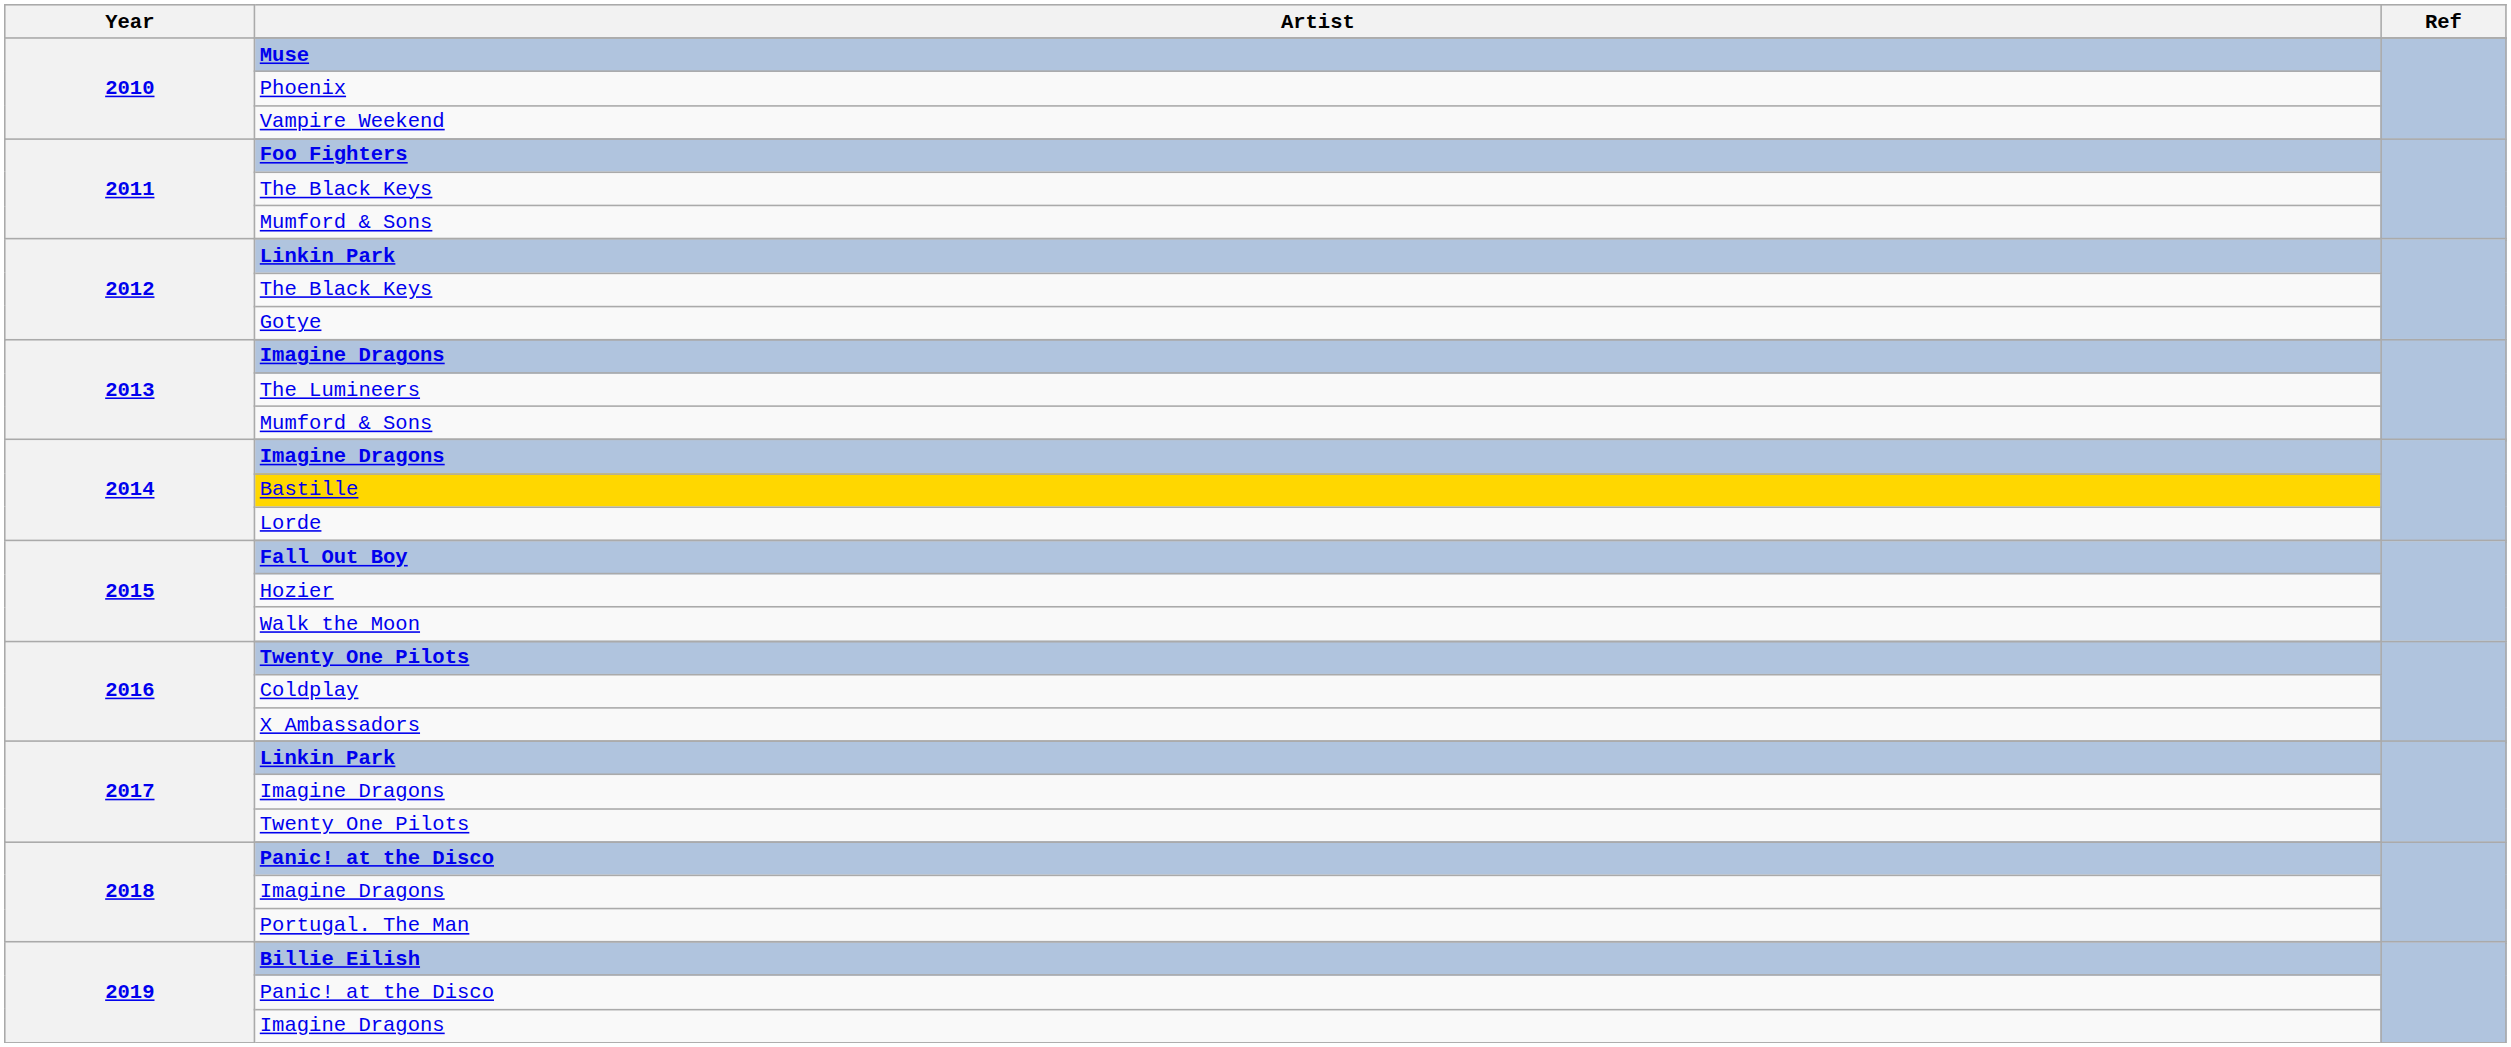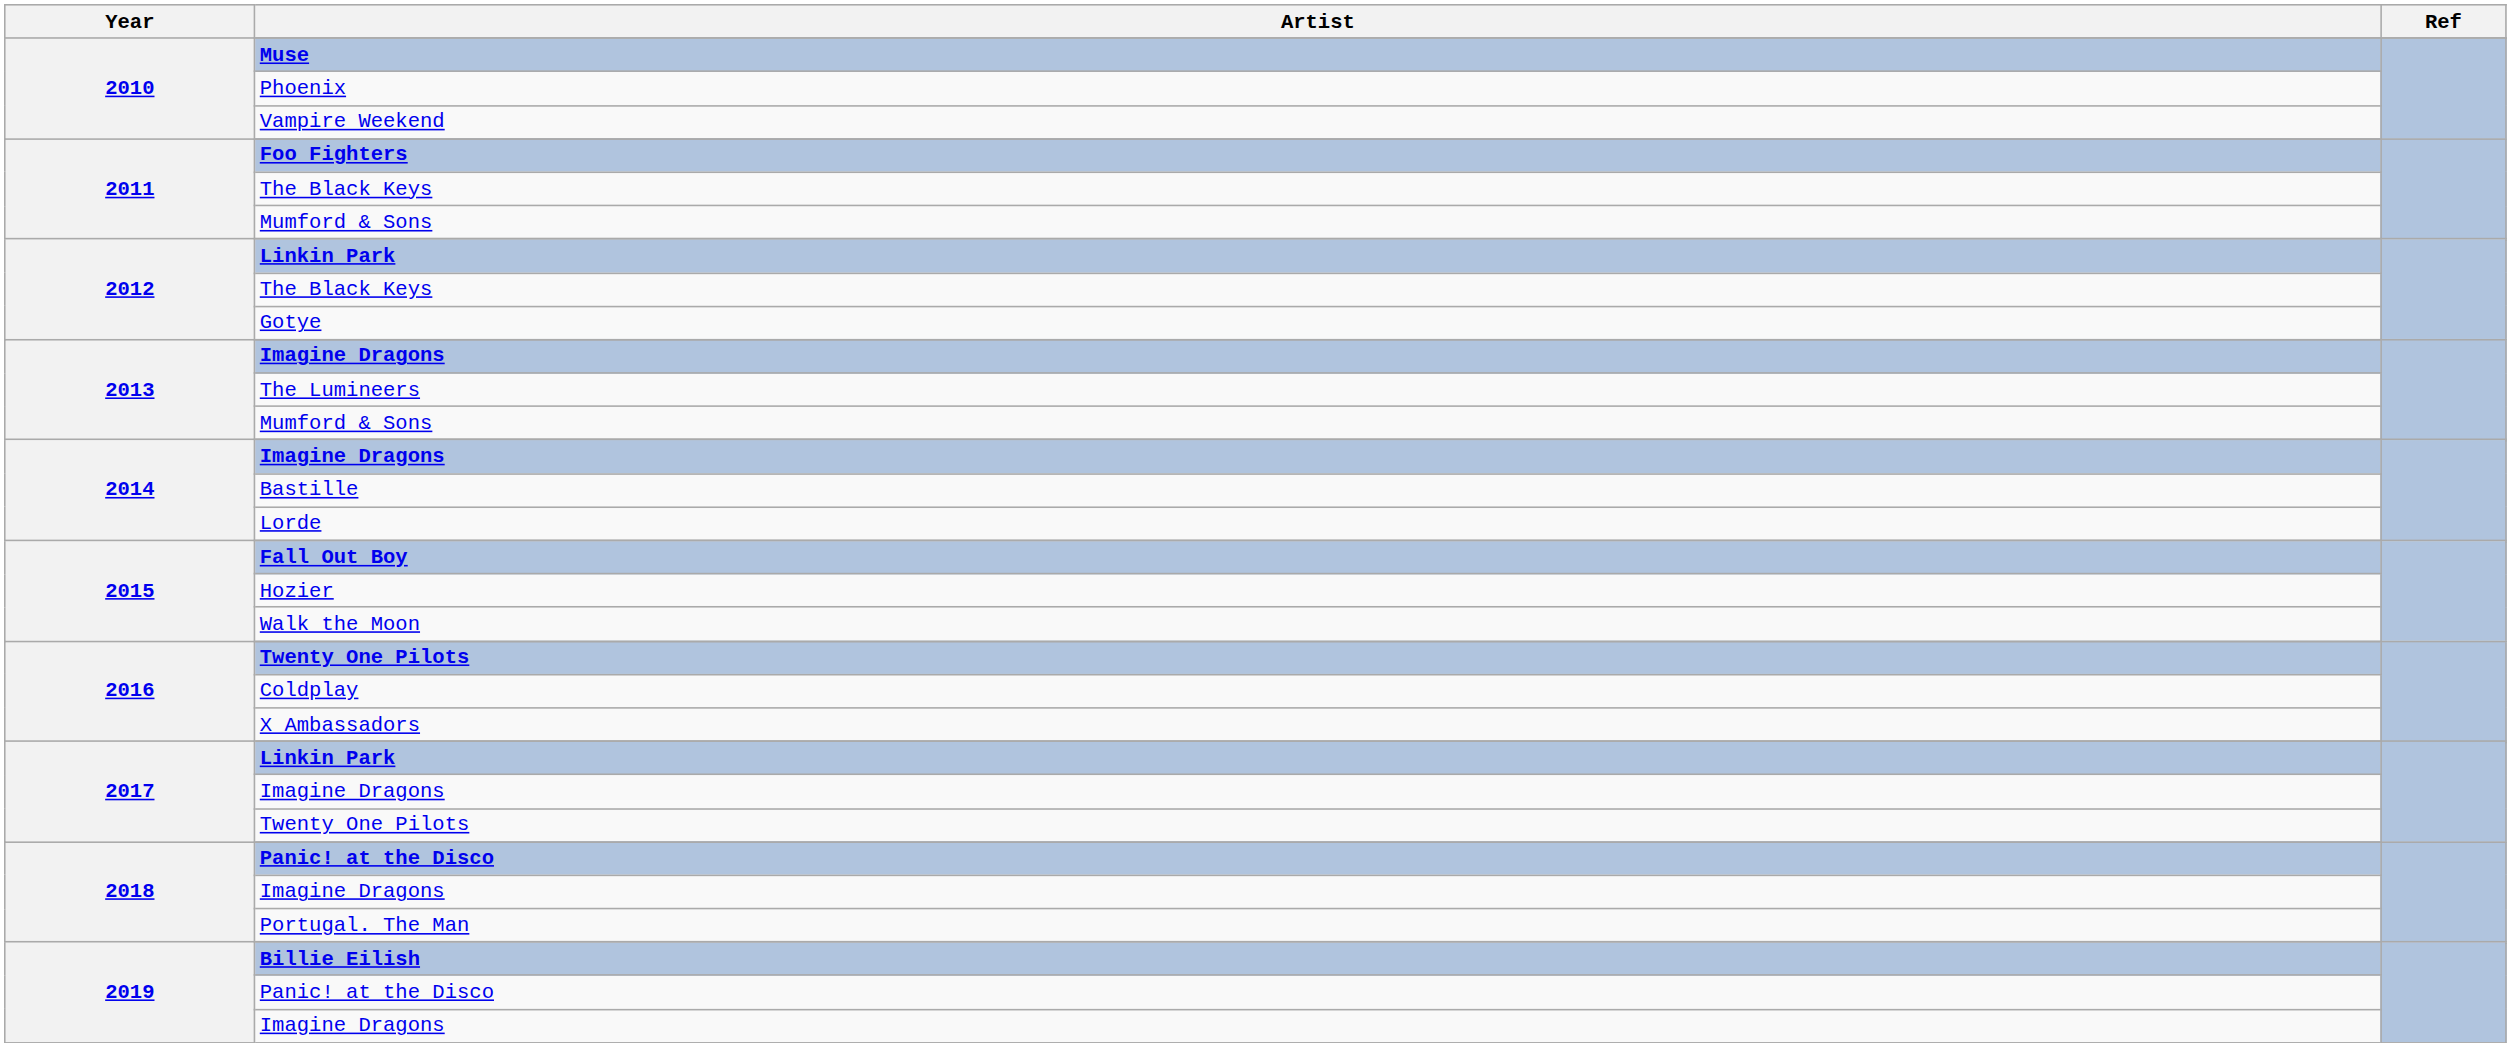 <table class="wikitable" width="100%">
 <tr>
 <th width="10%">Year</th>
 <th width="85%">Artist</th>
 <th width="5%">Ref</th>
 </tr>
 <tr>
 <th rowspan="4" align="center"><a href='#'>2010<br></a></th>
 </tr>
 <tr style="background:#B0C4DE">
 <td><strong><a href='#'>Muse</a></strong></td>
 <td rowspan="4" align="center"></td>
 </tr>
 <tr>
 <td><a href='#'>Phoenix</a></td>
 </tr>
 <tr>
 <td><a href='#'>Vampire Weekend</a></td>
 </tr>
 <tr>
 <th rowspan="4" align="center"><a href='#'>2011<br></a></th>
 </tr>
 <tr style="background:#B0C4DE">
 <td><strong><a href='#'>Foo Fighters</a></strong></td>
 <td rowspan="4" align="center"></td>
 </tr>
 <tr>
 <td><a href='#'>The Black Keys</a></td>
 </tr>
 <tr>
 <td><a href='#'>Mumford & Sons</a></td>
 </tr>
 <tr>
 <th rowspan="4" align="center"><a href='#'>2012<br></a></th>
 </tr>
 <tr style="background:#B0C4DE">
 <td><strong><a href='#'>Linkin Park</a></strong></td>
 <td rowspan="4" align="center"></td>
 </tr>
 <tr>
 <td><a href='#'>The Black Keys</a></td>
 </tr>
 <tr>
 <td><a href='#'>Gotye</a></td>
 </tr>
 <tr>
 <th rowspan="4" align="center"><a href='#'>2013<br></a></th>
 </tr>
 <tr style="background:#B0C4DE">
 <td><strong><a href='#'>Imagine Dragons</a></strong></td>
 <td rowspan="4" align="center"></td>
 </tr>
 <tr>
 <td><a href='#'>The Lumineers</a></td>
 </tr>
 <tr>
 <td><a href='#'>Mumford & Sons</a></td>
 </tr>
 <tr>
 <th rowspan="4" align="center"><a href='#'>2014<br></a></th>
 </tr>
 <tr style="background:#B0C4DE">
 <td><strong><a href='#'>Imagine Dragons</a></strong></td>
 <td rowspan="4" align="center"></td>
 </tr>
 <tr>
-<td style="background: gold;"><a href='#'>Bastille</a></td>
+<td><a href='#'>Bastille</a></td>
 </tr>
 <tr>
 <td><a href='#'>Lorde</a></td>
 </tr>
 <tr>
 <th rowspan="4" align="center"><a href='#'>2015<br></a></th>
 </tr>
 <tr style="background:#B0C4DE">
 <td><strong><a href='#'>Fall Out Boy</a></strong></td>
 <td rowspan="4" align="center"></td>
 </tr>
 <tr>
 <td><a href='#'>Hozier</a></td>
 </tr>
 <tr>
 <td><a href='#'>Walk the Moon</a></td>
 </tr>
 <tr>
 <th rowspan="4" align="center"><a href='#'>2016<br></a></th>
 </tr>
 <tr style="background:#B0C4DE">
 <td><strong><a href='#'>Twenty One Pilots</a></strong></td>
 <td rowspan="4" align="center"></td>
 </tr>
 <tr>
 <td><a href='#'>Coldplay</a></td>
 </tr>
 <tr>
 <td><a href='#'>X Ambassadors</a></td>
 </tr>
 <tr>
 <th rowspan="4" align="center"><a href='#'>2017<br></a></th>
 </tr>
 <tr style="background:#B0C4DE">
 <td><strong><a href='#'>Linkin Park</a></strong></td>
 <td rowspan="4" align="center"></td>
 </tr>
 <tr>
 <td><a href='#'>Imagine Dragons</a></td>
 </tr>
 <tr>
 <td><a href='#'>Twenty One Pilots</a></td>
 </tr>
 <tr>
 <th rowspan="4" align="center"><a href='#'>2018<br></a></th>
 </tr>
 <tr style="background:#B0C4DE">
 <td><strong><a href='#'>Panic! at the Disco</a></strong></td>
 <td rowspan="4" align="center"></td>
 </tr>
 <tr>
 <td><a href='#'>Imagine Dragons</a></td>
 </tr>
 <tr>
 <td><a href='#'>Portugal. The Man</a></td>
 </tr>
 <tr>
 <th rowspan="4" align="center"><a href='#'>2019<br></a></th>
 </tr>
 <tr style="background:#B0C4DE">
 <td><strong><a href='#'>Billie Eilish</a></strong></td>
 <td rowspan="4" align="center"></td>
 </tr>
 <tr>
 <td><a href='#'>Panic! at the Disco</a></td>
 </tr>
 <tr>
 <td><a href='#'>Imagine Dragons</a></td>
 </tr>
 </table>
